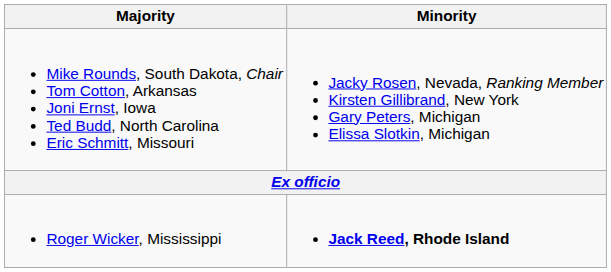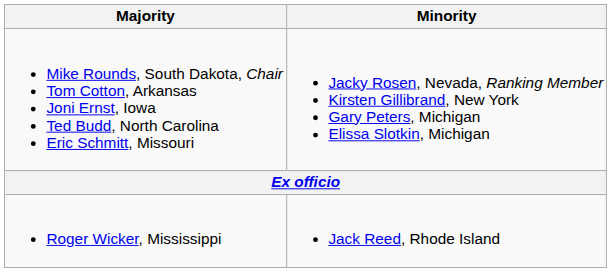 <table class=wikitable>
 <tr>
 <th>Majority</th>
 <th>Minority</th>
 </tr>
 <tr>
 <td><br><ul><li><a href='#'>Mike Rounds</a>, South Dakota, <em>Chair</em></li><li><a href='#'>Tom Cotton</a>, Arkansas</li><li><a href='#'>Joni Ernst</a>, Iowa</li><li><a href='#'>Ted Budd</a>, North Carolina</li><li><a href='#'>Eric Schmitt</a>, Missouri</li></ul></td>
 <td><br><ul><li><a href='#'>Jacky Rosen</a>, Nevada, <em>Ranking Member</em></li><li><a href='#'>Kirsten Gillibrand</a>, New York</li><li><a href='#'>Gary Peters</a>, Michigan</li><li><a href='#'>Elissa Slotkin</a>, Michigan</li></ul></td>
 </tr>
 <tr>
 <th colspan=2><em><a href='#'>Ex officio</a></em></th>
 </tr>
 <tr>
 <td><br><ul><li><a href='#'>Roger Wicker</a>, Mississippi</li></ul></td>
-<td><strong><br><ul><li><a href='#'>Jack Reed</a>, Rhode Island</li></ul></strong></td>
+<td><br><ul><li><a href='#'>Jack Reed</a>, Rhode Island</li></ul></td>
 </tr>
 </table>
